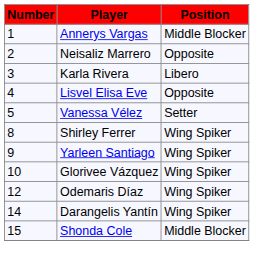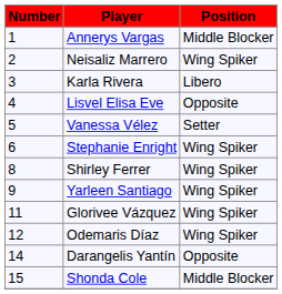 <table bgcolor="#f7f8ff" cellpadding="3" cellspacing="0" border="1" style="font-size: 95%; border: gray solid 1px; border-collapse: collapse;">
 <tr bgcolor="#ff0000">
 <td align=center><strong>Number</strong></td>
 <td align=center><strong>Player</strong></td>
 <td align=center><strong>Position</strong></td>
 </tr>
 <tr align="left">
 <td>1</td>
 <td> <a href='#'>Annerys Vargas</a></td>
 <td>Middle Blocker</td>
 </tr>
 <tr align="left">
 <td>2</td>
 <td> Neisaliz Marrero</td>
-<td>Opposite</td>
+<td>Wing Spiker</td>
 </tr>
 <tr align="left">
 <td>3</td>
 <td> Karla Rivera</td>
 <td>Libero</td>
 </tr>
 <tr align="left">
 <td>4</td>
 <td> <a href='#'>Lisvel Elisa Eve</a></td>
 <td>Opposite</td>
 </tr>
 <tr align="left">
 <td>5</td>
 <td> <a href='#'>Vanessa Vélez</a></td>
 <td>Setter</td>
 </tr>
 <tr align="left">
+<td>6</td>
+<td> <a href='#'>Stephanie Enright</a></td>
+<td>Wing Spiker</td>
+</tr>
+<tr align="left">
 <td>8</td>
 <td> Shirley Ferrer</td>
 <td>Wing Spiker</td>
 </tr>
 <tr align="left">
 <td>9</td>
 <td> <a href='#'>Yarleen Santiago</a></td>
 <td>Wing Spiker</td>
 </tr>
 <tr align="left">
-<td>10</td>
+<td>11</td>
 <td> Glorivee Vázquez</td>
 <td>Wing Spiker</td>
 </tr>
 <tr align="left">
 <td>12</td>
 <td> Odemaris Díaz</td>
 <td>Wing Spiker</td>
 </tr>
 <tr align="left">
 <td>14</td>
 <td> Darangelis Yantín</td>
-<td>Wing Spiker</td>
+<td>Opposite</td>
 </tr>
 <tr align="left">
 <td>15</td>
 <td> <a href='#'>Shonda Cole</a></td>
 <td>Middle Blocker</td>
 </tr>
 <tr align="left">
 </tr>
 </table>
